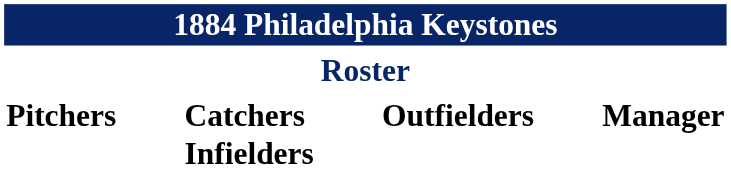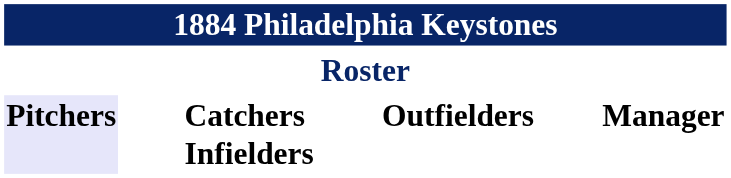 <table class="toccolours" style="font-size: 95%;">
 <tr>
 <th colspan="10" style="background-color: #082567; color: white; text-align: center;">1884 Philadelphia Keystones</th>
 </tr>
 <tr>
 <td colspan="10" style="background-color: white; color: #082567; text-align: center;"><strong>Roster</strong></td>
 </tr>
 <tr>
-<td valign="top"><strong>Pitchers</strong><br>     </td>
+<td valign="top" style="background: lavender;"><strong>Pitchers</strong><br>     </td>
 <td width="25px"></td>
 <td valign="top"><strong>Catchers</strong><br>       <strong>Infielders</strong>         </td>
 <td width="25px"></td>
 <td valign="top"><strong>Outfielders</strong><br>      </td>
 <td width="25px"></td>
 <td valign="top"><strong>Manager</strong><br></td>
 </tr>
 </table>
